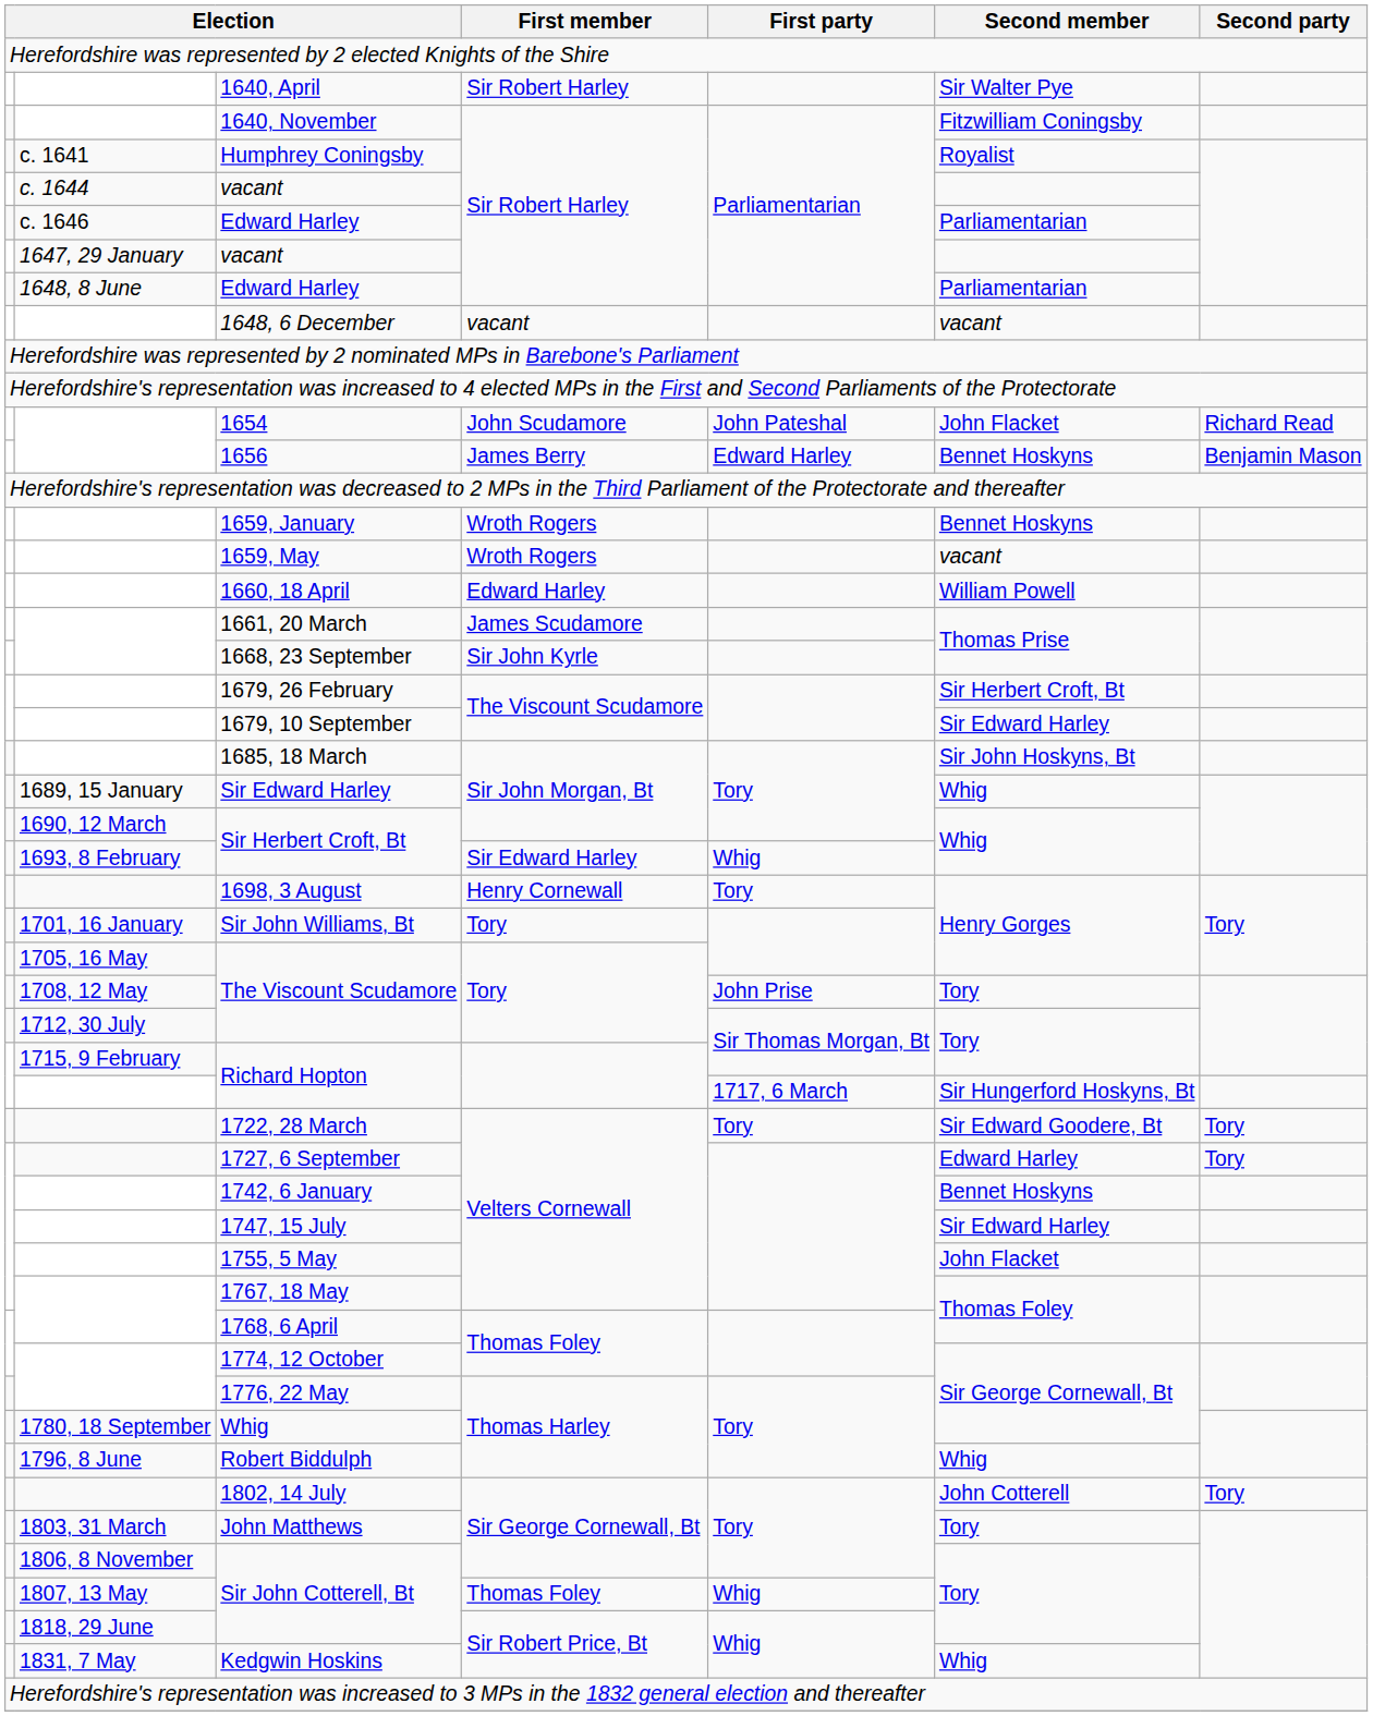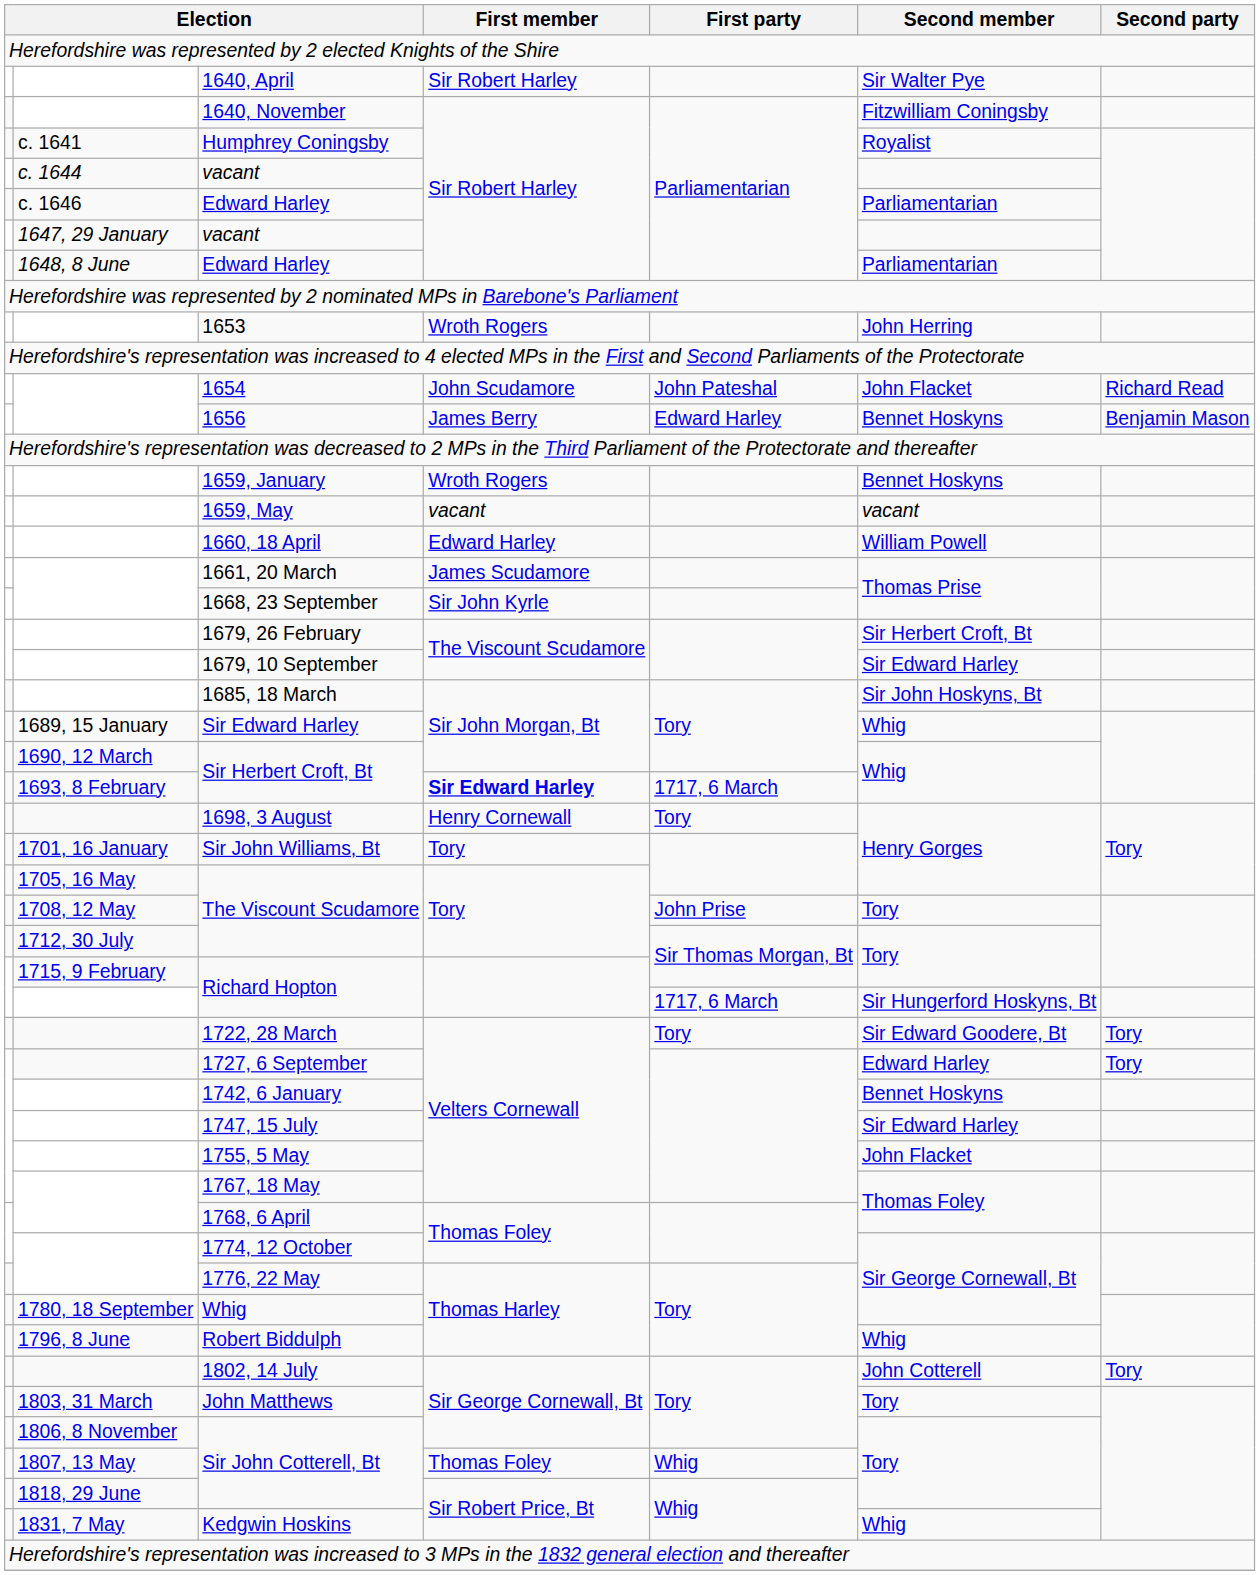 <table class="wikitable">
 <tr>
 <th colspan="3">Election</th>
 <th>First member</th>
 <th>First party</th>
 <th>Second member</th>
 <th>Second party</th>
 </tr>
 <tr>
 <td colspan="7"><em>Herefordshire was represented by 2 elected Knights of the Shire</em></td>
 </tr>
 <tr>
 <td style="color:inherit;background-color: white"></td>
 <td style="color:inherit;background-color: white"></td>
 <td><a href='#'>1640, April</a></td>
 <td><a href='#'>Sir Robert Harley</a></td>
 <td></td>
 <td><a href='#'>Sir Walter Pye</a></td>
 <td></td>
 </tr>
 <tr>
 <td style="color:inherit;background-color: "></td>
 <td style="color:inherit;background-color: white"></td>
 <td><a href='#'>1640, November</a></td>
 <td rowspan="6"><a href='#'>Sir Robert Harley</a>  </td>
 <td rowspan="6"><a href='#'>Parliamentarian</a></td>
 <td><a href='#'>Fitzwilliam Coningsby</a></td>
 <td></td>
 </tr>
 <tr>
 <td style="color:inherit;background-color: "></td>
 <td>c. 1641</td>
 <td><a href='#'>Humphrey Coningsby</a></td>
 <td><a href='#'>Royalist</a></td>
 </tr>
 <tr>
 <td style="color:inherit;background-color: white"></td>
 <td><em>c. 1644</em></td>
 <td><em>vacant</em></td>
 <td></td>
 </tr>
 <tr>
 <td style="color:inherit;background-color: "></td>
 <td>c. 1646</td>
 <td><a href='#'>Edward Harley</a> </td>
 <td><a href='#'>Parliamentarian</a></td>
 </tr>
 <tr>
 <td style="color:inherit;background-color: white"></td>
 <td><em>1647, 29 January</em></td>
 <td><em>vacant</em></td>
 <td></td>
 </tr>
 <tr>
 <td style="color:inherit;background-color: "></td>
 <td><em>1648, 8 June</em></td>
 <td><a href='#'>Edward Harley</a> </td>
 <td><a href='#'>Parliamentarian</a></td>
 </tr>
 <tr>
+<td colspan="7"><em>Herefordshire was represented by 2 nominated MPs in <a href='#'>Barebone's Parliament</a></em></td>
+</tr>
+<tr>
 <td style="color:inherit;background-color: white"></td>
 <td style="color:inherit;background-color: white"></td>
-<td><em>1648, 6 December</em></td>
-<td><em>vacant</em></td>
+<td>1653</td>
+<td><a href='#'>Wroth Rogers</a></td>
 <td></td>
-<td><em>vacant</em></td>
+<td><a href='#'>John Herring</a></td>
 <td></td>
-</tr>
-<tr>
-<td colspan="7"><em>Herefordshire was represented by 2 nominated MPs in <a href='#'>Barebone's Parliament</a></em></td>
 </tr>
 <tr>
 <td colspan="7"><em>Herefordshire's representation was increased to 4 elected MPs in the <a href='#'>First</a> and <a href='#'>Second</a> Parliaments of the Protectorate</em></td>
 </tr>
 <tr>
 <td style="color:inherit;background-color: white"></td>
 <td rowspan="2" style="color:inherit;background-color: white"></td>
 <td><a href='#'>1654</a></td>
 <td><a href='#'>John Scudamore</a></td>
 <td><a href='#'>John Pateshal</a></td>
 <td><a href='#'>John Flacket</a></td>
 <td><a href='#'>Richard Read</a></td>
 </tr>
 <tr>
 <td style="color:inherit;background-color: white"></td>
 <td><a href='#'>1656</a></td>
 <td><a href='#'>James Berry</a></td>
 <td><a href='#'>Edward Harley</a>  </td>
 <td><a href='#'>Bennet Hoskyns</a> </td>
 <td><a href='#'>Benjamin Mason</a></td>
 </tr>
 <tr>
 <td colspan="7"><em>Herefordshire's representation was decreased to 2 MPs in the <a href='#'>Third</a> Parliament of the Protectorate and thereafter</em></td>
 </tr>
 <tr>
 <td style="color:inherit;background-color: white"></td>
 <td style="color:inherit;background-color: white"></td>
 <td><a href='#'>1659, January</a></td>
 <td><a href='#'>Wroth Rogers</a></td>
 <td></td>
 <td><a href='#'>Bennet Hoskyns</a> </td>
 <td></td>
 </tr>
 <tr>
 <td style="color:inherit;background-color: white"></td>
 <td style="color:inherit;background-color: white"></td>
 <td><a href='#'>1659, May</a></td>
-<td><a href='#'>Wroth Rogers</a></td>
+<td><em>vacant</em></td>
 <td></td>
 <td><em>vacant</em></td>
 <td></td>
 </tr>
 <tr>
 <td style="color:inherit;background-color: white"></td>
 <td style="color:inherit;background-color: white"></td>
 <td><a href='#'>1660, 18 April</a></td>
 <td><a href='#'>Edward Harley</a> </td>
 <td></td>
 <td><a href='#'>William Powell</a> </td>
 <td></td>
 </tr>
 <tr>
 <td style="color:inherit;background-color: white"></td>
 <td style="color:inherit;background-color: white" rowspan="2"></td>
 <td>1661, 20 March</td>
 <td><a href='#'>James Scudamore</a> </td>
 <td></td>
 <td rowspan="2"><a href='#'>Thomas Prise</a> </td>
 <td rowspan="2"></td>
 </tr>
 <tr>
 <td style="color:inherit;background-color: white"></td>
 <td>1668, 23 September</td>
 <td><a href='#'>Sir John Kyrle</a> </td>
 <td></td>
 </tr>
 <tr>
 <td style="color:inherit;background-color: white" rowspan="2"></td>
 <td style="color:inherit;background-color: white"></td>
 <td>1679, 26 February</td>
 <td rowspan="2"><a href='#'>The Viscount Scudamore</a> </td>
 <td rowspan="2"></td>
 <td><a href='#'>Sir Herbert Croft, Bt</a> </td>
 <td></td>
 </tr>
 <tr>
 <td style="color:inherit;background-color: white"></td>
 <td>1679, 10 September</td>
 <td><a href='#'>Sir Edward Harley</a> </td>
 <td></td>
 </tr>
 <tr>
 <td style="color:inherit;background-color: "></td>
 <td style="color:inherit;background-color: white"></td>
 <td>1685, 18 March</td>
 <td rowspan="3"><a href='#'>Sir John Morgan, Bt</a> </td>
 <td rowspan="3"><a href='#'>Tory</a></td>
 <td><a href='#'>Sir John Hoskyns, Bt</a> </td>
 <td></td>
 </tr>
 <tr>
 <td style="color:inherit;background-color: "></td>
 <td>1689, 15 January</td>
 <td><a href='#'>Sir Edward Harley</a> </td>
 <td><a href='#'>Whig</a></td>
 </tr>
 <tr>
 <td style="color:inherit;background-color: "></td>
 <td><a href='#'>1690, 12 March</a></td>
 <td rowspan="2"><a href='#'>Sir Herbert Croft, Bt</a> </td>
 <td rowspan="2"><a href='#'>Whig</a></td>
 </tr>
 <tr>
 <td style="color:inherit;background-color: "></td>
 <td><a href='#'>1693, 8 February</a></td>
-<td><a href='#'>Sir Edward Harley</a> </td>
-<td><a href='#'>Whig</a></td>
+<td><strong><a href='#'>Sir Edward Harley</a> </strong></td>
+<td><a href='#'>1717, 6 March</a></td>
 </tr>
 <tr>
 <td style="color:inherit;background-color: "></td>
 <td style="color:inherit;background-color: "></td>
 <td><a href='#'>1698, 3 August</a></td>
 <td><a href='#'>Henry Cornewall</a> </td>
 <td><a href='#'>Tory</a></td>
 <td rowspan="3"><a href='#'>Henry Gorges</a> </td>
 <td rowspan="3"><a href='#'>Tory</a></td>
 </tr>
 <tr>
 <td style="color:inherit;background-color: "></td>
 <td><a href='#'>1701, 16 January</a></td>
 <td><a href='#'>Sir John Williams, Bt</a> </td>
 <td><a href='#'>Tory</a></td>
 </tr>
 <tr>
 <td style="color:inherit;background-color: "></td>
 <td><a href='#'>1705, 16 May</a></td>
 <td rowspan="3"><a href='#'>The Viscount Scudamore</a> </td>
 <td rowspan="3"><a href='#'>Tory</a></td>
 </tr>
 <tr>
 <td style="color:inherit;background-color: "></td>
 <td><a href='#'>1708, 12 May</a></td>
 <td><a href='#'>John Prise</a> </td>
 <td><a href='#'>Tory</a></td>
 </tr>
 <tr>
 <td style="color:inherit;background-color: "></td>
 <td><a href='#'>1712, 30 July</a></td>
 <td rowspan="2"><a href='#'>Sir Thomas Morgan, Bt</a> </td>
 <td rowspan="2"><a href='#'>Tory</a></td>
 </tr>
 <tr>
 <td style="color:inherit;background-color: white" rowspan="2"></td>
 <td><a href='#'>1715, 9 February</a></td>
 <td rowspan="2"><a href='#'>Richard Hopton</a> </td>
 <td rowspan="2"></td>
 </tr>
 <tr>
 <td style="color:inherit;background-color: white"></td>
 <td><a href='#'>1717, 6 March</a></td>
 <td><a href='#'>Sir Hungerford Hoskyns, Bt</a> </td>
 <td></td>
 </tr>
 <tr>
 <td style="color:inherit;background-color: "></td>
 <td style="color:inherit;background-color: "></td>
 <td><a href='#'>1722, 28 March</a></td>
 <td rowspan="6"><a href='#'>Velters Cornewall</a> </td>
 <td><a href='#'>Tory</a></td>
 <td><a href='#'>Sir Edward Goodere, Bt</a>  </td>
 <td><a href='#'>Tory</a></td>
 </tr>
 <tr>
 <td style="color:inherit;background-color: white" rowspan="5"></td>
 <td style="color:inherit;background-color: "></td>
 <td><a href='#'>1727, 6 September</a></td>
 <td rowspan="5"></td>
 <td><a href='#'>Edward Harley</a> </td>
 <td><a href='#'>Tory</a></td>
 </tr>
 <tr>
 <td style="color:inherit;background-color: white"></td>
 <td><a href='#'>1742, 6 January</a></td>
 <td><a href='#'>Bennet Hoskyns</a> </td>
 <td></td>
 </tr>
 <tr>
 <td style="color:inherit;background-color: white"></td>
 <td><a href='#'>1747, 15 July</a></td>
 <td><a href='#'>Sir Edward Harley</a> </td>
 <td></td>
 </tr>
 <tr>
 <td style="color:inherit;background-color: white"></td>
 <td><a href='#'>1755, 5 May</a></td>
 <td><a href='#'>John Flacket</a></td>
 <td></td>
 </tr>
 <tr>
 <td style="color:inherit;background-color: white" rowspan="2"></td>
 <td><a href='#'>1767, 18 May</a></td>
 <td rowspan="2"><a href='#'>Thomas Foley</a> </td>
 <td rowspan="2"></td>
 </tr>
 <tr>
 <td style="color:inherit;background-color: white" rowspan="2"></td>
 <td><a href='#'>1768, 6 April</a></td>
 <td rowspan="2"><a href='#'>Thomas Foley</a> </td>
 <td rowspan="2"></td>
 </tr>
 <tr>
 <td style="color:inherit;background-color: white" rowspan="2"></td>
 <td><a href='#'>1774, 12 October</a></td>
 <td rowspan="3"><a href='#'>Sir George Cornewall, Bt</a> </td>
 <td rowspan="2"></td>
 </tr>
 <tr>
 <td style="color:inherit;background-color: "></td>
 <td><a href='#'>1776, 22 May</a></td>
 <td rowspan="3"><a href='#'>Thomas Harley</a> </td>
 <td rowspan="3"><a href='#'>Tory</a></td>
 </tr>
 <tr>
 <td style="color:inherit;background-color: "></td>
 <td><a href='#'>1780, 18 September</a></td>
 <td><a href='#'>Whig</a></td>
 </tr>
 <tr>
 <td style="color:inherit;background-color: "></td>
 <td><a href='#'>1796, 8 June</a></td>
 <td><a href='#'>Robert Biddulph</a></td>
 <td><a href='#'>Whig</a></td>
 </tr>
 <tr>
 <td style="color:inherit;background-color: "></td>
 <td style="color:inherit;background-color: "></td>
 <td><a href='#'>1802, 14 July</a></td>
 <td rowspan="3"><a href='#'>Sir George Cornewall, Bt</a>  </td>
 <td rowspan="3"><a href='#'>Tory</a></td>
 <td><a href='#'>John Cotterell</a> </td>
 <td><a href='#'>Tory</a></td>
 </tr>
 <tr>
 <td style="color:inherit;background-color: "></td>
 <td><a href='#'>1803, 31 March</a></td>
 <td><a href='#'>John Matthews</a> </td>
 <td><a href='#'>Tory</a></td>
 </tr>
 <tr>
 <td style="color:inherit;background-color: "></td>
 <td><a href='#'>1806, 8 November</a></td>
 <td rowspan="3"><a href='#'>Sir John Cotterell, Bt</a> </td>
 <td rowspan="3"><a href='#'>Tory</a></td>
 </tr>
 <tr>
 <td style="color:inherit;background-color: "></td>
 <td><a href='#'>1807, 13 May</a></td>
 <td><a href='#'>Thomas Foley</a> </td>
 <td><a href='#'>Whig</a></td>
 </tr>
 <tr>
 <td style="color:inherit;background-color: "></td>
 <td><a href='#'>1818, 29 June</a></td>
 <td rowspan="2"><a href='#'>Sir Robert Price, Bt</a> </td>
 <td rowspan="2"><a href='#'>Whig</a></td>
 </tr>
 <tr>
 <td style="color:inherit;background-color: "></td>
 <td><a href='#'>1831, 7 May</a></td>
 <td><a href='#'>Kedgwin Hoskins</a> </td>
 <td><a href='#'>Whig</a></td>
 </tr>
 <tr>
 <td colspan="7"><em>Herefordshire's representation was increased to 3 MPs in the <a href='#'>1832 general election</a> and thereafter</em></td>
 </tr>
 <tr>
 </tr>
 </table>
